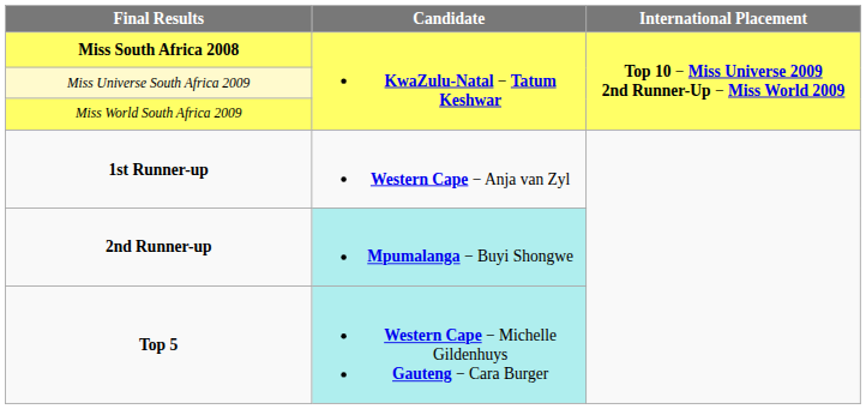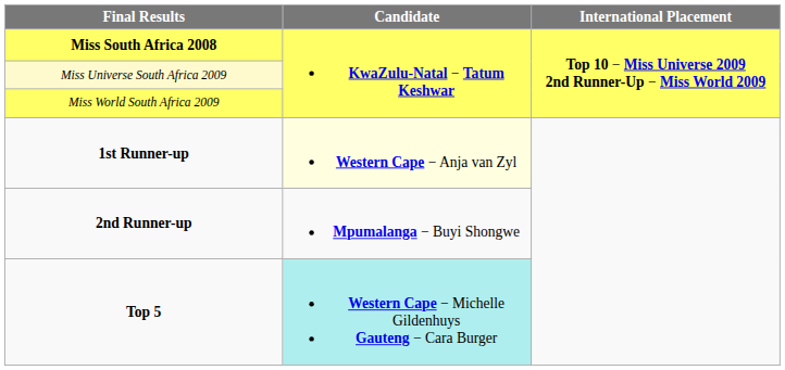 <table class="wikitable sortable" style="font-size:95%;">
 <tr>
 <th style="width:280px;background-color:#787878;color:#FFFFFF;">Final Results</th>
 <th style="width:250px;background-color:#787878;color:#FFFFFF;">Candidate</th>
 <th style="width:250px;background-color:#787878;color:#FFFFFF;">International Placement</th>
 </tr>
 <tr align="center" style="background:#FFFF66">
 <td style="text-align:center;"><strong>Miss South Africa 2008</strong></td>
 <td rowspan=3><br><ul><li><strong><a href='#'>KwaZulu-Natal</a></strong> − <strong><a href='#'>Tatum Keshwar</a></strong></li></ul></td>
 <td rowspan=3><strong>Top 10</strong> − <strong><a href='#'>Miss Universe 2009</a></strong><br><strong>2nd Runner-Up</strong> − <strong><a href='#'>Miss World 2009</a></strong></td>
 </tr>
 <tr align="center" style="background:#FFFACD";>
 <td style="text-align:center; font-size:85%"><em>Miss Universe South Africa 2009</em></td>
 </tr>
 <tr align="center" style="background:#FFFF66";>
 <td style="text-align:center; font-size:85%"><em>Miss World South Africa 2009</em></td>
 </tr>
 <tr align="center">
 <td><strong>1st Runner-up</strong></td>
-<td><br><ul><li><strong><a href='#'>Western Cape</a></strong> − Anja van Zyl</li></ul></td>
+<td style="background: lightyellow;"><br><ul><li><strong><a href='#'>Western Cape</a></strong> − Anja van Zyl</li></ul></td>
 </tr>
 <tr align="center">
 <td><strong>2nd Runner-up</strong></td>
-<td style="background: paleturquoise;"><br><ul><li><strong><a href='#'>Mpumalanga</a></strong> − Buyi Shongwe</li></ul></td>
+<td><br><ul><li><strong><a href='#'>Mpumalanga</a></strong> − Buyi Shongwe</li></ul></td>
 </tr>
 <tr align="center">
 <td><strong>Top 5</strong></td>
 <td style="background: paleturquoise;"><br><ul><li><strong><a href='#'>Western Cape</a></strong> − Michelle Gildenhuys</li><li><strong><a href='#'>Gauteng</a></strong> − Cara Burger</li></ul></td>
 </tr>
 </table>
